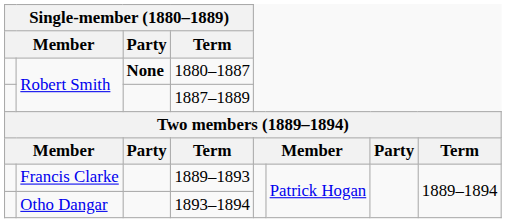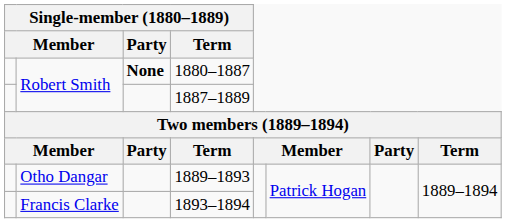 <table class="wikitable" style='border-style: none none none none;'>
 <tr>
 <th colspan="4">Single-member (1880–1889)</th>
 </tr>
 <tr>
 <th colspan="2">Member</th>
 <th>Party</th>
 <th>Term</th>
 </tr>
 <tr style="background: #f9f9f9">
 <td> </td>
 <td rowspan="2"><a href='#'>Robert Smith</a></td>
 <td><strong>None</strong></td>
 <td>1880–1887</td>
 </tr>
 <tr style="background: #f9f9f9">
 <td> </td>
 <td></td>
 <td>1887–1889</td>
 </tr>
 <tr>
 <th colspan="8">Two members (1889–1894)</th>
 </tr>
 <tr>
 <th colspan="2">Member</th>
 <th>Party</th>
 <th>Term</th>
 <th colspan="2">Member</th>
 <th>Party</th>
 <th>Term</th>
 </tr>
 <tr style="background: #f9f9f9">
 <td> </td>
-<td><a href='#'>Francis Clarke</a></td>
+<td><a href='#'>Otho Dangar</a></td>
 <td></td>
 <td>1889–1893</td>
 <td rowspan="2" > </td>
 <td rowspan="2"><a href='#'>Patrick Hogan</a></td>
 <td rowspan="2"></td>
 <td rowspan="2">1889–1894</td>
 </tr>
 <tr style="background: #f9f9f9">
 <td> </td>
-<td><a href='#'>Otho Dangar</a></td>
+<td><a href='#'>Francis Clarke</a></td>
 <td></td>
 <td>1893–1894</td>
 </tr>
 </table>
